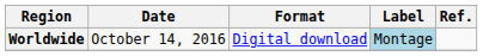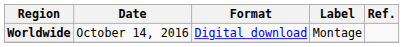 <table class="wikitable sortable plainrowheaders">
 <tr>
 <th scope="col">Region</th>
 <th scope="col">Date</th>
 <th scope="col">Format</th>
 <th scope="col">Label</th>
 <th scope="col">Ref.</th>
 </tr>
 <tr>
 <th scope="row">Worldwide</th>
 <td>October 14, 2016</td>
 <td><a href='#'>Digital download</a></td>
-<td style="background: lightblue;">Montage</td>
+<td>Montage</td>
 <td></td>
 </tr>
 <tr>
 </tr>
 </table>
